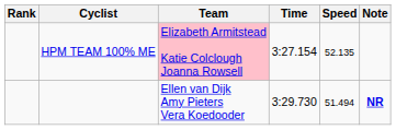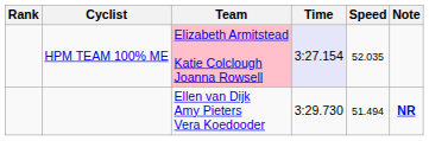 <table class="wikitable sortable" style="text-align:center;">
 <tr>
 <th>Rank</th>
 <th class="unsortable">Cyclist</th>
 <th>Team</th>
 <th>Time</th>
 <th>Speed</th>
 <th>Note</th>
 </tr>
 <tr>
 <td align=center></td>
 <td align=left><a href='#'>HPM TEAM 100% ME</a></td>
 <td align=left style="background: pink;"><a href='#'>Elizabeth Armitstead</a> <br><br><a href='#'>Katie Colclough</a> <br> <a href='#'>Joanna Rowsell</a></td>
-<td>3:27.154</td>
-<td><small>52.135</small></td>
+<td style="background: lavender;">3:27.154</td>
+<td><small>52.035</small></td>
 </tr>
 <tr>
 <td align=center></td>
 <td align=left></td>
 <td align=left><a href='#'>Ellen van Dijk</a><br><a href='#'>Amy Pieters</a> <br> <a href='#'>Vera Koedooder</a></td>
 <td>3:29.730</td>
 <td><small>51.494</small></td>
 <td><strong><a href='#'>NR</a></strong></td>
 </tr>
 </table>
